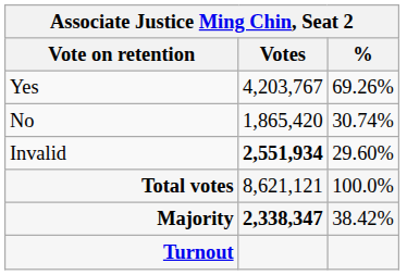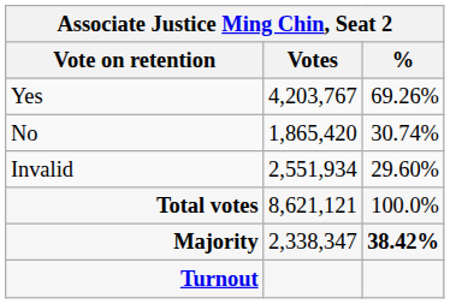 <table class="wikitable" style="font-size: 95%; clear:both">
 <tr>
 <th colspan=7>Associate Justice <a href='#'>Ming Chin</a>, Seat 2</th>
 </tr>
 <tr>
 <th style="width: 170px">Vote on retention</th>
 <th style="width: 50px">Votes</th>
 <th style="width: 40px">%</th>
 </tr>
 <tr>
 <td>Yes</td>
 <td align="right">4,203,767</td>
 <td align="right">69.26%</td>
 </tr>
 <tr>
 <td>No</td>
 <td align="right">1,865,420</td>
 <td align="right">30.74%</td>
 </tr>
 <tr>
 <td>Invalid</td>
-<td align="right"><strong>2,551,934</strong></td>
+<td align="right">2,551,934</td>
 <td align="right">29.60%</td>
 </tr>
 <tr style="background-color:#F6F6F6">
 <td colspan="1" align="right"><strong>Total votes</strong></td>
 <td align="right">8,621,121</td>
 <td align="right">100.0%</td>
 </tr>
 <tr style="background-color:#F6F6F6">
 <td colspan="1" style="text-align: right; margin-right: 0.5em"><strong>Majority</strong></td>
-<td style="text-align: right; margin-right: 0.5em"><strong>2,338,347</strong></td>
-<td style="text-align: right; margin-right: 0.5em">38.42%</td>
+<td style="text-align: right; margin-right: 0.5em">2,338,347</td>
+<td style="text-align: right; margin-right: 0.5em"><strong>38.42%</strong></td>
 </tr>
 <tr style="background-color:#F6F6F6">
 <td colspan="1" style="text-align: right; margin-right: 0.5em"><strong><a href='#'>Turnout</a></strong></td>
 <td style="text-align: right; margin-right: 0.5em"></td>
 <td style="text-align: right; margin-right: 0.5em"></td>
 </tr>
 </table>
